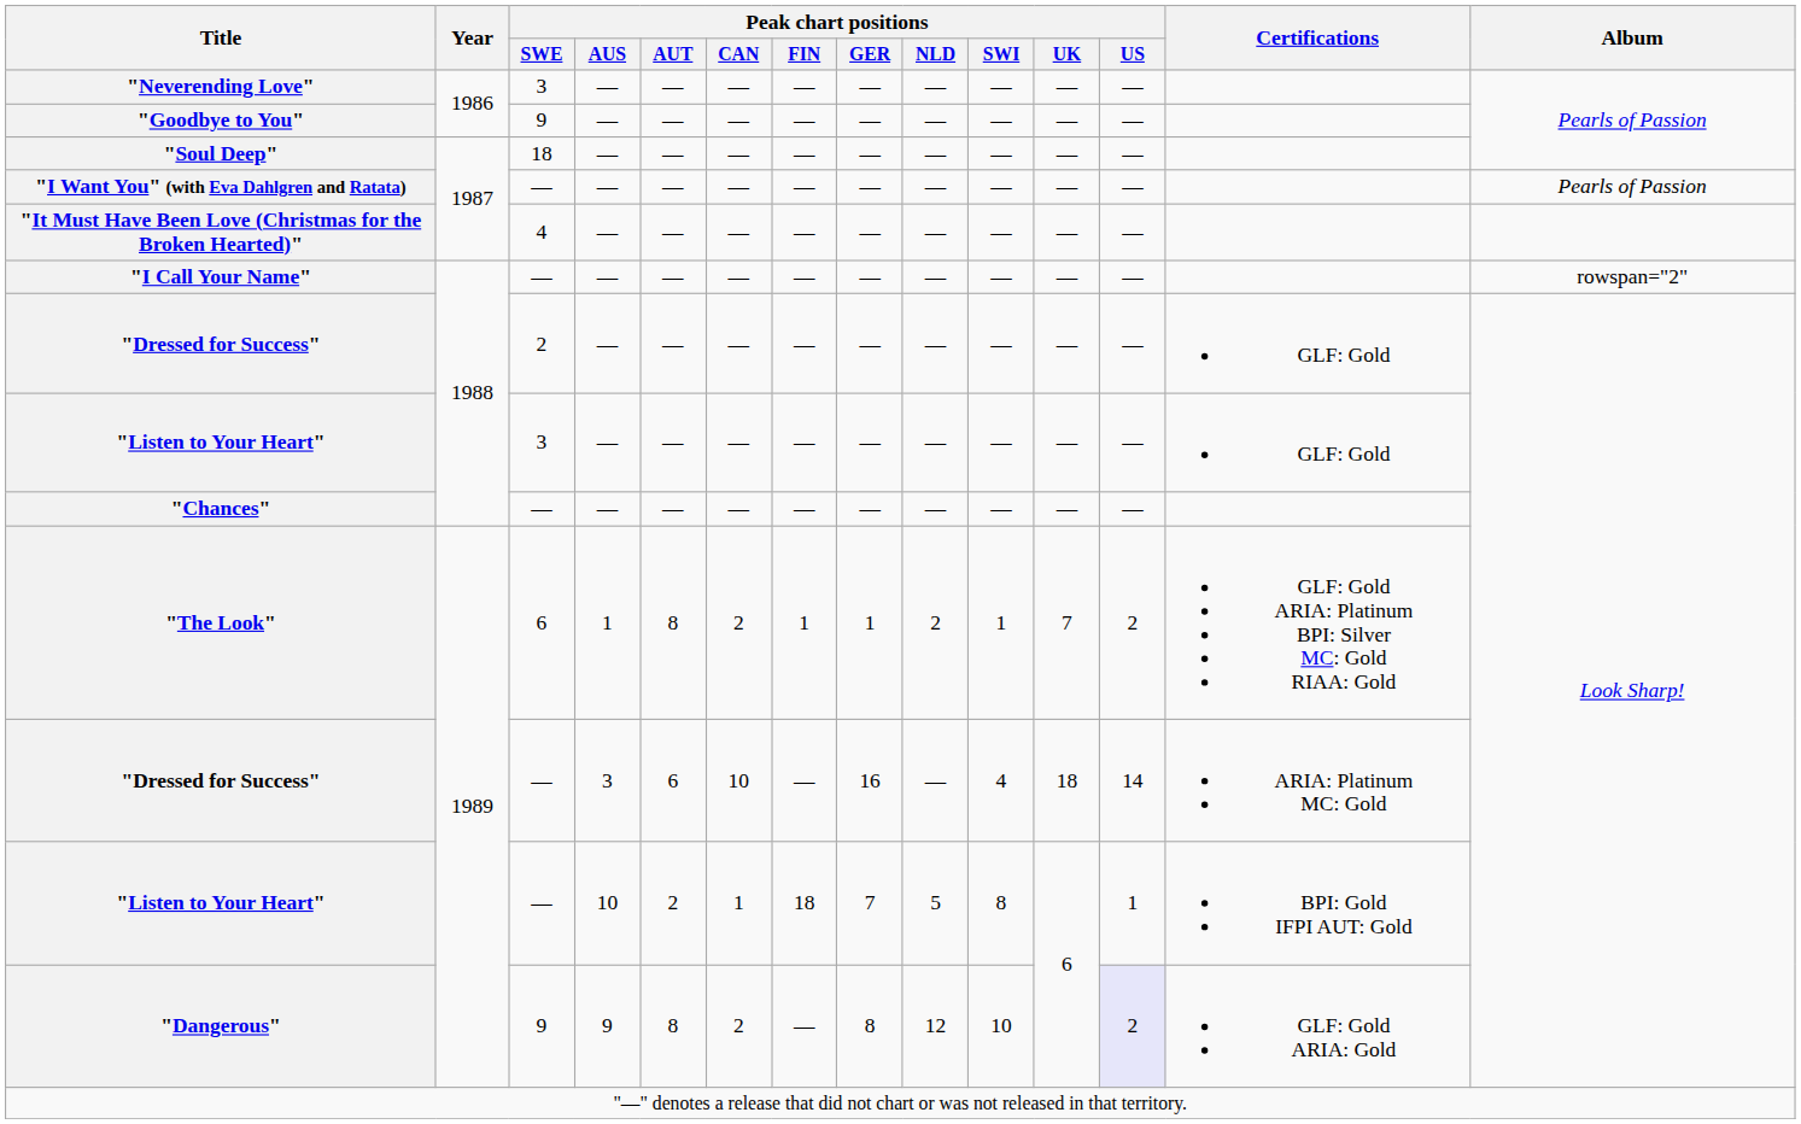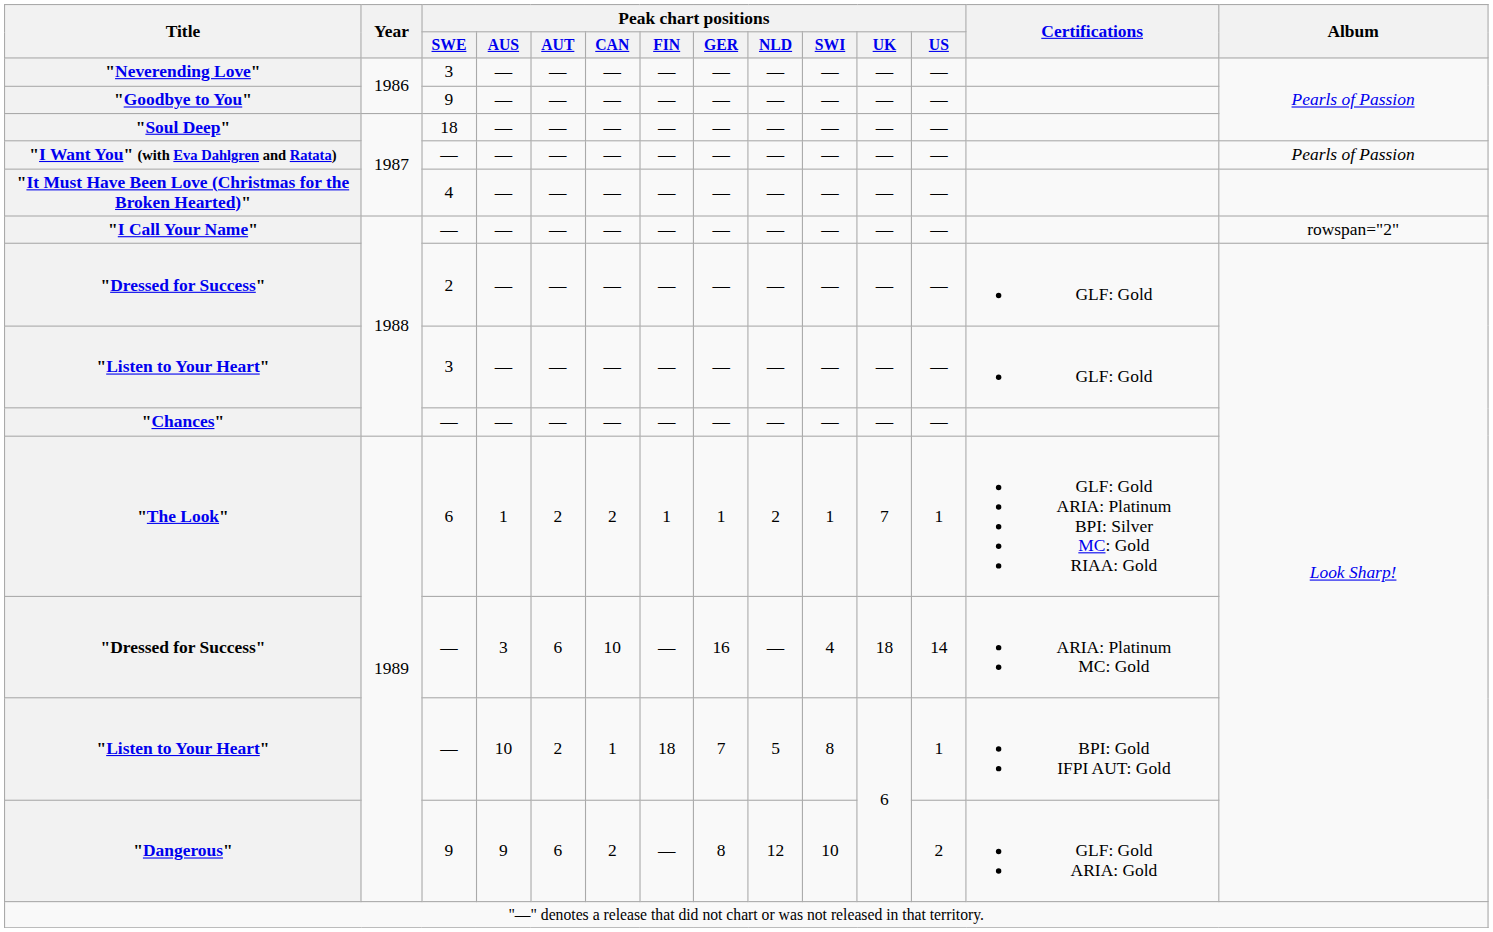 <table class="wikitable plainrowheaders" style="text-align:center;">
 <tr>
 <th scope="col" rowspan="2" style="width:20em;">Title</th>
 <th scope="col" rowspan="2" style="width:3em;">Year</th>
 <th scope="col" colspan="10">Peak chart positions</th>
 <th scope="col" rowspan="2" style="width:14em;"><a href='#'>Certifications</a></th>
 <th scope="col" rowspan="2" style="width:15em;">Album</th>
 </tr>
 <tr>
 <th scope="col" style="width:3em;font-size:90%;"><a href='#'>SWE</a><br></th>
 <th scope="col" style="width:3em;font-size:90%;"><a href='#'>AUS</a><br></th>
 <th scope="col" style="width:3em;font-size:90%;"><a href='#'>AUT</a><br></th>
 <th scope="col" style="width:3em;font-size:90%;"><a href='#'>CAN</a><br></th>
 <th scope="col" style="width:3em;font-size:90%;"><a href='#'>FIN</a><br></th>
 <th scope="col" style="width:3em;font-size:90%;"><a href='#'>GER</a><br></th>
 <th scope="col" style="width:3em;font-size:90%;"><a href='#'>NLD</a><br></th>
 <th scope="col" style="width:3em;font-size:90%;"><a href='#'>SWI</a><br></th>
 <th scope="col" style="width:3em;font-size:90%;"><a href='#'>UK</a><br></th>
 <th scope="col" style="width:3em;font-size:90%;"><a href='#'>US</a><br></th>
 </tr>
 <tr>
 <th scope="row">"<a href='#'>Neverending Love</a>"</th>
 <td rowspan="2">1986</td>
 <td>3</td>
 <td>—</td>
 <td>—</td>
 <td>—</td>
 <td>—</td>
 <td>—</td>
 <td>—</td>
 <td>—</td>
 <td>—</td>
 <td>—</td>
 <td></td>
 <td rowspan="3"><em><a href='#'>Pearls of Passion</a></em></td>
 </tr>
 <tr>
 <th scope="row">"<a href='#'>Goodbye to You</a>"</th>
 <td>9</td>
 <td>—</td>
 <td>—</td>
 <td>—</td>
 <td>—</td>
 <td>—</td>
 <td>—</td>
 <td>—</td>
 <td>—</td>
 <td>—</td>
 <td></td>
 </tr>
 <tr>
 <th scope="row">"<a href='#'>Soul Deep</a>"</th>
 <td rowspan="3">1987</td>
 <td>18</td>
 <td>—</td>
 <td>—</td>
 <td>—</td>
 <td>—</td>
 <td>—</td>
 <td>—</td>
 <td>—</td>
 <td>—</td>
 <td>—</td>
 <td></td>
 </tr>
 <tr>
 <th scope="row">"<a href='#'>I Want You</a>" <small>(with <a href='#'>Eva Dahlgren</a> and <a href='#'>Ratata</a>)</small></th>
 <td>—</td>
 <td>—</td>
 <td>—</td>
 <td>—</td>
 <td>—</td>
 <td>—</td>
 <td>—</td>
 <td>—</td>
 <td>—</td>
 <td>—</td>
 <td></td>
 <td><em>Pearls of Passion</em></td>
 </tr>
 <tr>
 <th scope="row">"<a href='#'>It Must Have Been Love (Christmas for the Broken Hearted)</a>"</th>
 <td>4</td>
 <td>—</td>
 <td>—</td>
 <td>—</td>
 <td>—</td>
 <td>—</td>
 <td>—</td>
 <td>—</td>
 <td>—</td>
 <td>—</td>
 <td></td>
 </tr>
 <tr>
 <th scope="row">"<a href='#'>I Call Your Name</a>"</th>
 <td rowspan="4">1988</td>
 <td>—</td>
 <td>—</td>
 <td>—</td>
 <td>—</td>
 <td>—</td>
 <td>—</td>
 <td>—</td>
 <td>—</td>
 <td>—</td>
 <td>—</td>
 <td></td>
 <td>rowspan="2" </td>
 </tr>
 <tr>
 <th scope="row">"<a href='#'>Dressed for Success</a>"</th>
 <td>2</td>
 <td>—</td>
 <td>—</td>
 <td>—</td>
 <td>—</td>
 <td>—</td>
 <td>—</td>
 <td>—</td>
 <td>—</td>
 <td>—</td>
 <td><br><ul><li>GLF: Gold</li></ul></td>
 <td rowspan="7"><em><a href='#'>Look Sharp!</a></em></td>
 </tr>
 <tr>
 <th scope="row">"<a href='#'>Listen to Your Heart</a>"</th>
 <td>3</td>
 <td>—</td>
 <td>—</td>
 <td>—</td>
 <td>—</td>
 <td>—</td>
 <td>—</td>
 <td>—</td>
 <td>—</td>
 <td>—</td>
 <td><br><ul><li>GLF: Gold</li></ul></td>
 </tr>
 <tr>
 <th scope="row">"<a href='#'>Chances</a>"</th>
 <td>—</td>
 <td>—</td>
 <td>—</td>
 <td>—</td>
 <td>—</td>
 <td>—</td>
 <td>—</td>
 <td>—</td>
 <td>—</td>
 <td>—</td>
 <td></td>
 </tr>
 <tr>
 <th scope="row">"<a href='#'>The Look</a>"</th>
 <td rowspan="4">1989</td>
 <td>6</td>
 <td>1</td>
-<td>8</td>
+<td>2</td>
 <td>2</td>
 <td>1</td>
 <td>1</td>
 <td>2</td>
 <td>1</td>
 <td>7</td>
-<td>2</td>
+<td>1</td>
 <td><br><ul><li>GLF: Gold</li><li>ARIA: Platinum</li><li>BPI: Silver</li><li><a href='#'>MC</a>: Gold</li><li>RIAA: Gold</li></ul></td>
 </tr>
 <tr>
 <th scope="row">"Dressed for Success"</th>
 <td>—</td>
 <td>3</td>
 <td>6</td>
 <td>10</td>
 <td>—</td>
 <td>16</td>
 <td>—</td>
 <td>4</td>
 <td>18</td>
 <td>14</td>
 <td><br><ul><li>ARIA: Platinum</li><li>MC: Gold</li></ul></td>
 </tr>
 <tr>
 <th scope="row">"<a href='#'>Listen to Your Heart</a>"</th>
 <td>—</td>
 <td>10</td>
 <td>2</td>
 <td>1</td>
 <td>18</td>
 <td>7</td>
 <td>5</td>
 <td>8</td>
 <td rowspan="2">6</td>
 <td>1</td>
 <td><br><ul><li>BPI: Gold</li><li>IFPI AUT: Gold</li></ul></td>
 </tr>
 <tr>
 <th scope="row">"<a href='#'>Dangerous</a>"</th>
 <td>9</td>
 <td>9</td>
-<td>8</td>
+<td>6</td>
 <td>2</td>
 <td>—</td>
 <td>8</td>
 <td>12</td>
 <td>10</td>
-<td style="background: lavender;">2</td>
+<td>2</td>
 <td><br><ul><li>GLF: Gold</li><li>ARIA: Gold</li></ul></td>
 </tr>
 <tr>
 <td colspan="14" style="font-size:90%">"—" denotes a release that did not chart or was not released in that territory.</td>
 </tr>
 </table>
